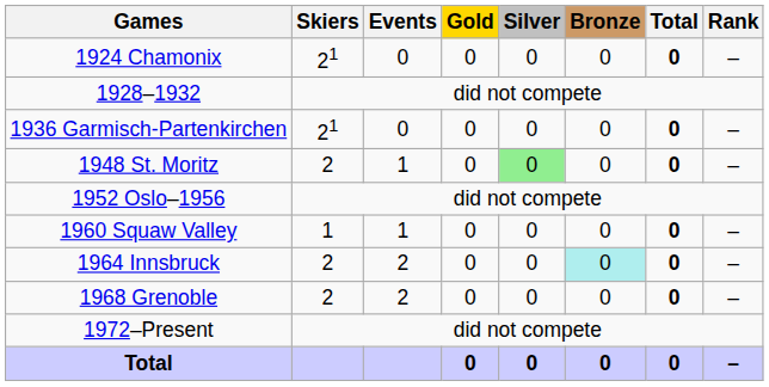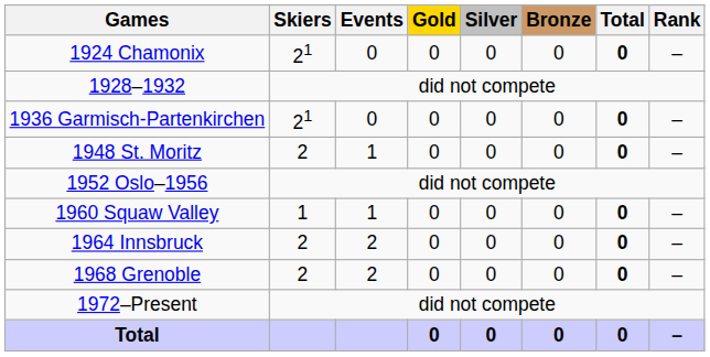 <table class="wikitable sortable collapsible collapsed">
 <tr>
 <th>Games</th>
 <th>Skiers</th>
 <th>Events</th>
 <th style="text-align:center; background-color:gold;">Gold</th>
 <th style="text-align:center; background-color:silver;">Silver</th>
 <th style="text-align:center; background-color:#c96;">Bronze</th>
 <th>Total</th>
 <th>Rank</th>
 </tr>
 <tr align=center>
 <td><a href='#'>1924 Chamonix</a></td>
 <td>2<sup>1</sup></td>
 <td>0</td>
 <td>0</td>
 <td>0</td>
 <td>0</td>
 <td><strong>0</strong></td>
 <td>–</td>
 </tr>
 <tr align=center>
 <td><a href='#'>1928</a>–<a href='#'>1932</a></td>
 <td colspan=7>did not compete</td>
 </tr>
 <tr align=center>
 <td><a href='#'>1936 Garmisch-Partenkirchen</a></td>
 <td>2<sup>1</sup></td>
 <td>0</td>
 <td>0</td>
 <td>0</td>
 <td>0</td>
 <td><strong>0</strong></td>
 <td>–</td>
 </tr>
 <tr align=center>
 <td><a href='#'>1948 St. Moritz</a></td>
 <td>2</td>
 <td>1</td>
 <td>0</td>
-<td style="background: lightgreen;">0</td>
+<td>0</td>
 <td>0</td>
 <td><strong>0</strong></td>
 <td>–</td>
 </tr>
 <tr align=center>
 <td><a href='#'>1952 Oslo</a>–<a href='#'>1956</a></td>
 <td colspan=7>did not compete</td>
 </tr>
 <tr align=center>
 <td><a href='#'>1960 Squaw Valley</a></td>
 <td>1</td>
 <td>1</td>
 <td>0</td>
 <td>0</td>
 <td>0</td>
 <td><strong>0</strong></td>
 <td>–</td>
 </tr>
 <tr align=center>
 <td><a href='#'>1964 Innsbruck</a></td>
 <td>2</td>
 <td>2</td>
 <td>0</td>
 <td>0</td>
-<td style="background: paleturquoise;">0</td>
+<td>0</td>
 <td><strong>0</strong></td>
 <td>–</td>
 </tr>
 <tr align=center>
 <td><a href='#'>1968 Grenoble</a></td>
 <td>2</td>
 <td>2</td>
 <td>0</td>
 <td>0</td>
 <td>0</td>
 <td><strong>0</strong></td>
 <td>–</td>
 </tr>
 <tr align=center>
 <td><a href='#'>1972</a>–Present</td>
 <td colspan=7>did not compete</td>
 </tr>
 <tr style="text-align:center; background-color:#ccf;">
 <td><strong>Total</strong></td>
 <td></td>
 <td></td>
 <td><strong>0</strong></td>
 <td><strong>0</strong></td>
 <td><strong>0</strong></td>
 <td><strong>0</strong></td>
 <td><strong>–</strong></td>
 </tr>
 </table>
